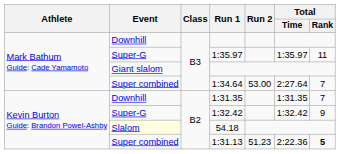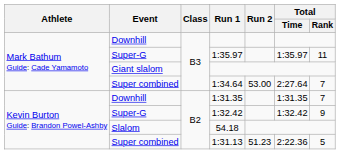 <table class="wikitable" style="font-size:90%">
 <tr>
 <th rowspan=2>Athlete</th>
 <th rowspan=2>Event</th>
 <th rowspan=2>Class</th>
 <th rowspan=2>Run 1</th>
 <th rowspan=2>Run 2</th>
 <th colspan=2>Total</th>
 </tr>
 <tr style="font-size:95%">
 <th>Time</th>
 <th>Rank</th>
 </tr>
 <tr align=center>
 <td align=left rowspan=4><a href='#'>Mark Bathum</a><br><small><a href='#'>Guide</a>: <a href='#'>Cade Yamamoto</a></small></td>
 <td align=left><a href='#'>Downhill</a></td>
 <td align=center rowspan=4>B3</td>
 <td></td>
 <td></td>
 <td align=center colspan=2></td>
 </tr>
 <tr align=center>
 <td align=left><a href='#'>Super-G</a></td>
 <td>1:35.97</td>
 <td></td>
 <td>1:35.97</td>
 <td>11</td>
 </tr>
 <tr align=center>
 <td align=left><a href='#'>Giant slalom</a></td>
 <td colspan="4"></td>
 </tr>
 <tr align=center>
 <td align=left><a href='#'>Super combined</a></td>
 <td>1:34.64</td>
 <td>53.00</td>
 <td>2:27.64</td>
 <td>7</td>
 </tr>
 <tr align=center>
 <td align=left rowspan=4><a href='#'>Kevin Burton</a><br><small><a href='#'>Guide</a>: <a href='#'>Brandon Powel-Ashby</a></small></td>
 <td align=left><a href='#'>Downhill</a></td>
 <td align=center rowspan=4>B2</td>
 <td>1:31.35</td>
 <td></td>
 <td>1:31.35</td>
 <td>7</td>
 </tr>
 <tr align=center>
 <td align=left><a href='#'>Super-G</a></td>
 <td>1:32.42</td>
 <td></td>
 <td>1:32.42</td>
 <td>9</td>
 </tr>
 <tr align=center>
-<td align=left style="background: lightyellow;"><a href='#'>Slalom</a></td>
+<td align=left><a href='#'>Slalom</a></td>
 <td>54.18</td>
 <td colspan="3"></td>
 </tr>
 <tr align=center>
 <td align=left><a href='#'>Super combined</a></td>
 <td>1:31.13</td>
 <td>51.23</td>
 <td>2:22.36</td>
-<td><strong>5</strong></td>
+<td>5</td>
 </tr>
 </table>
